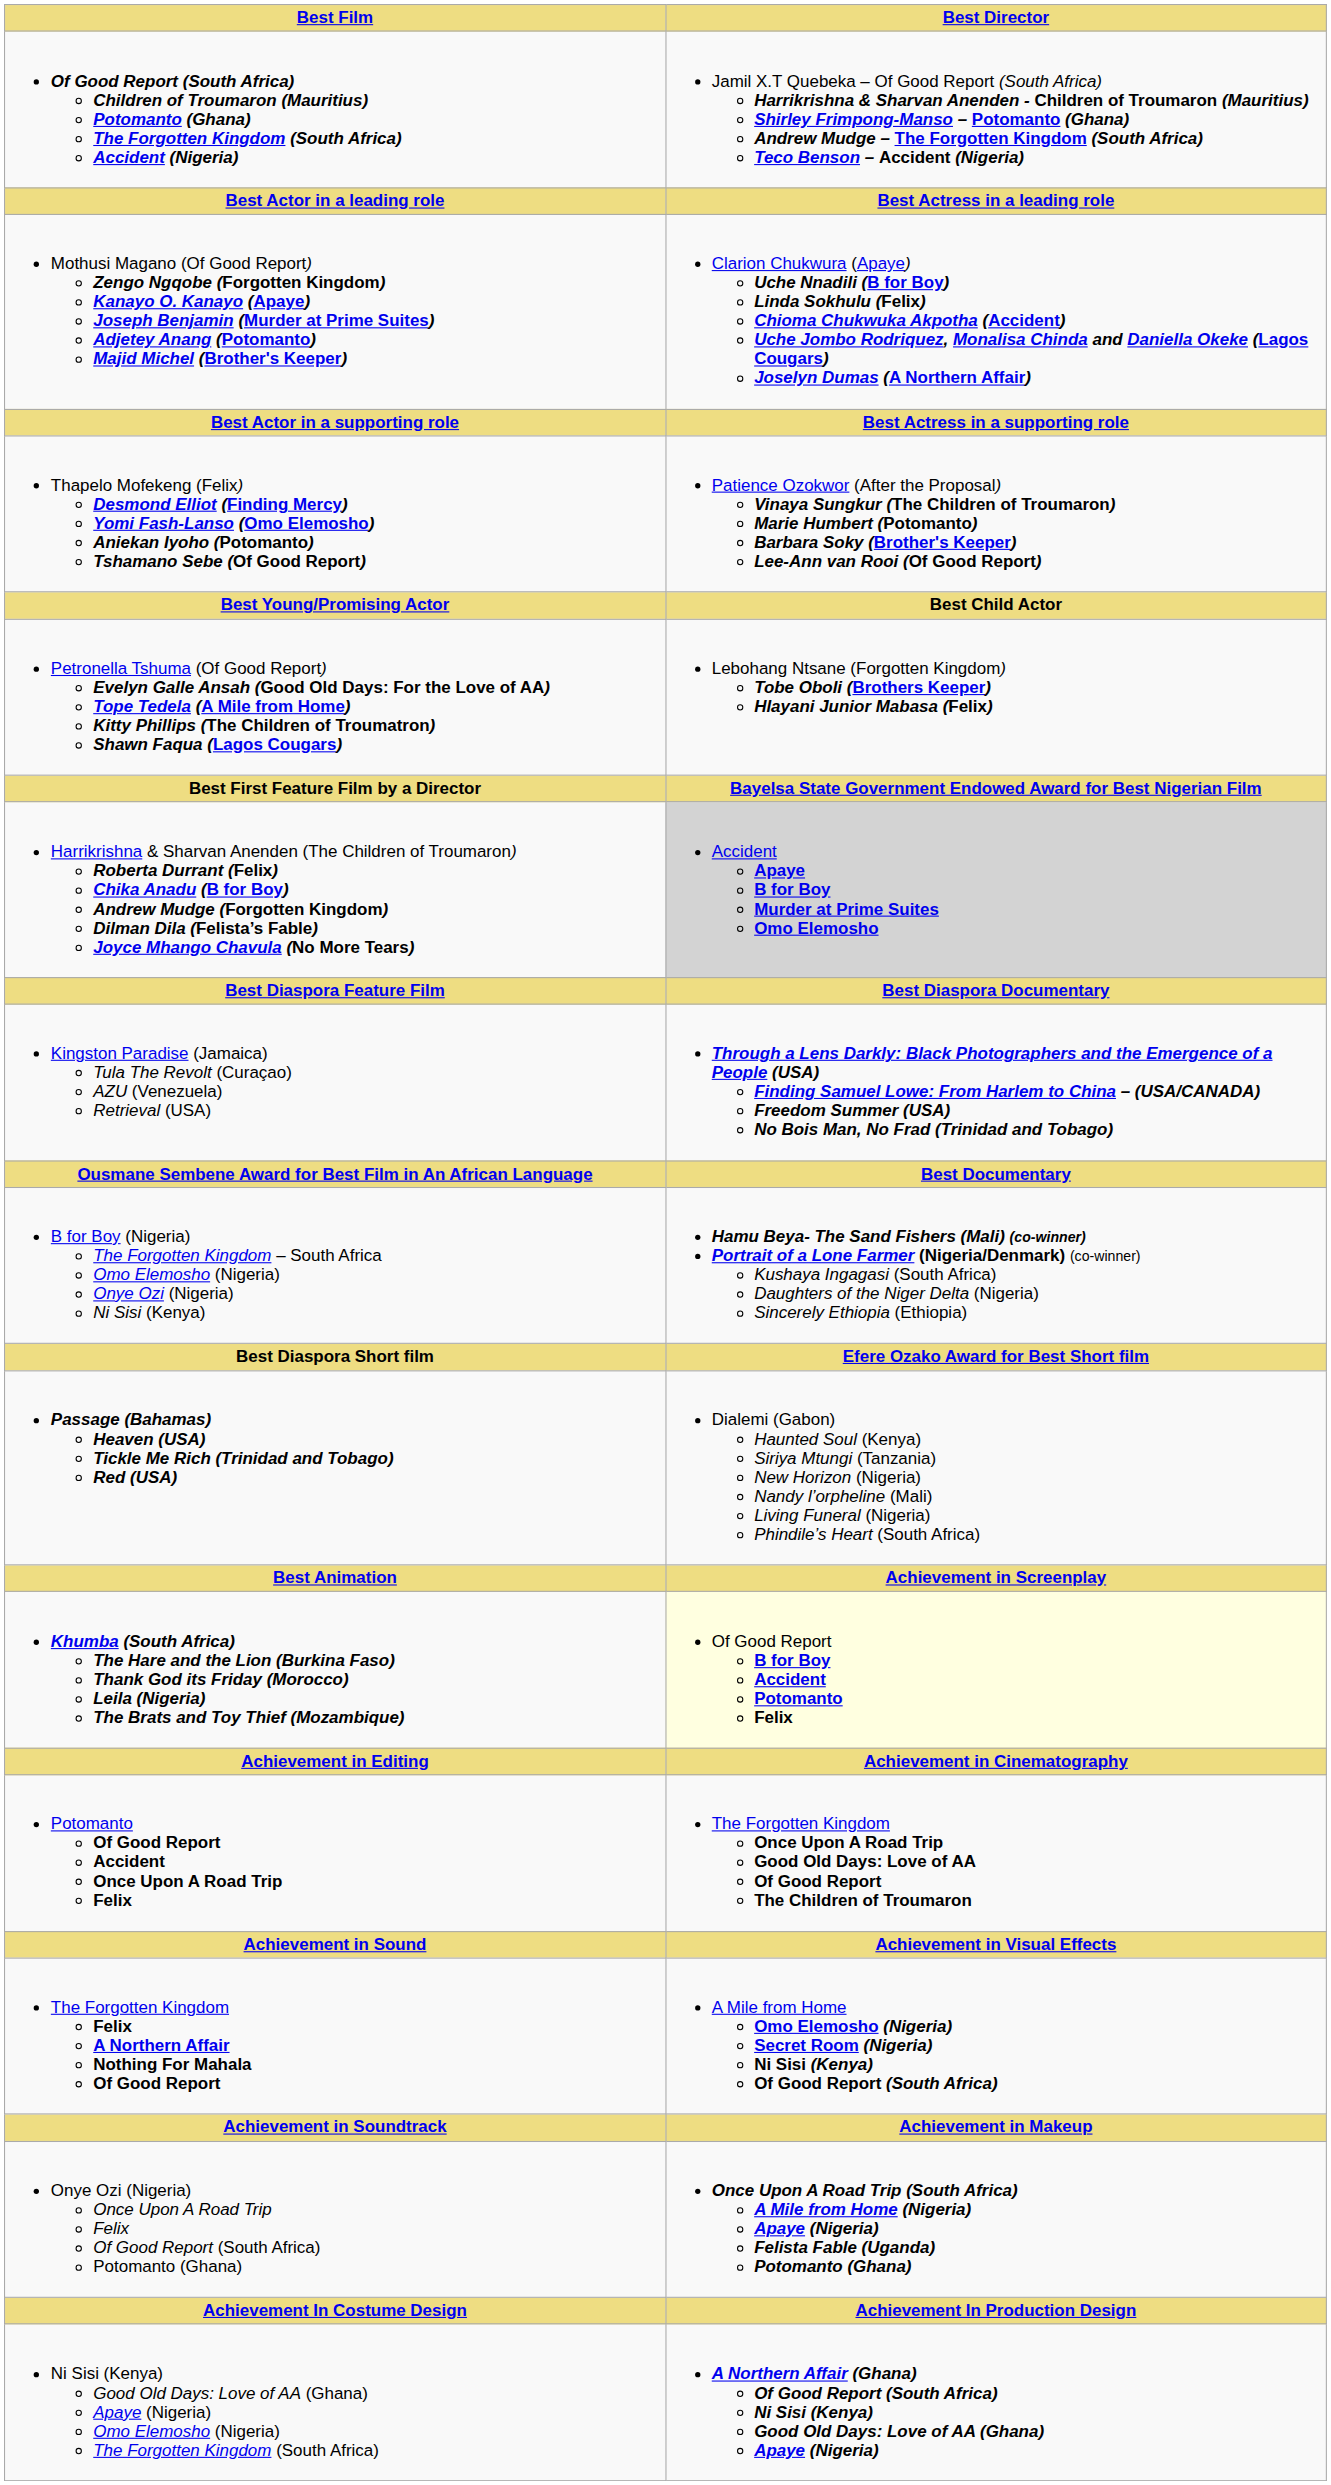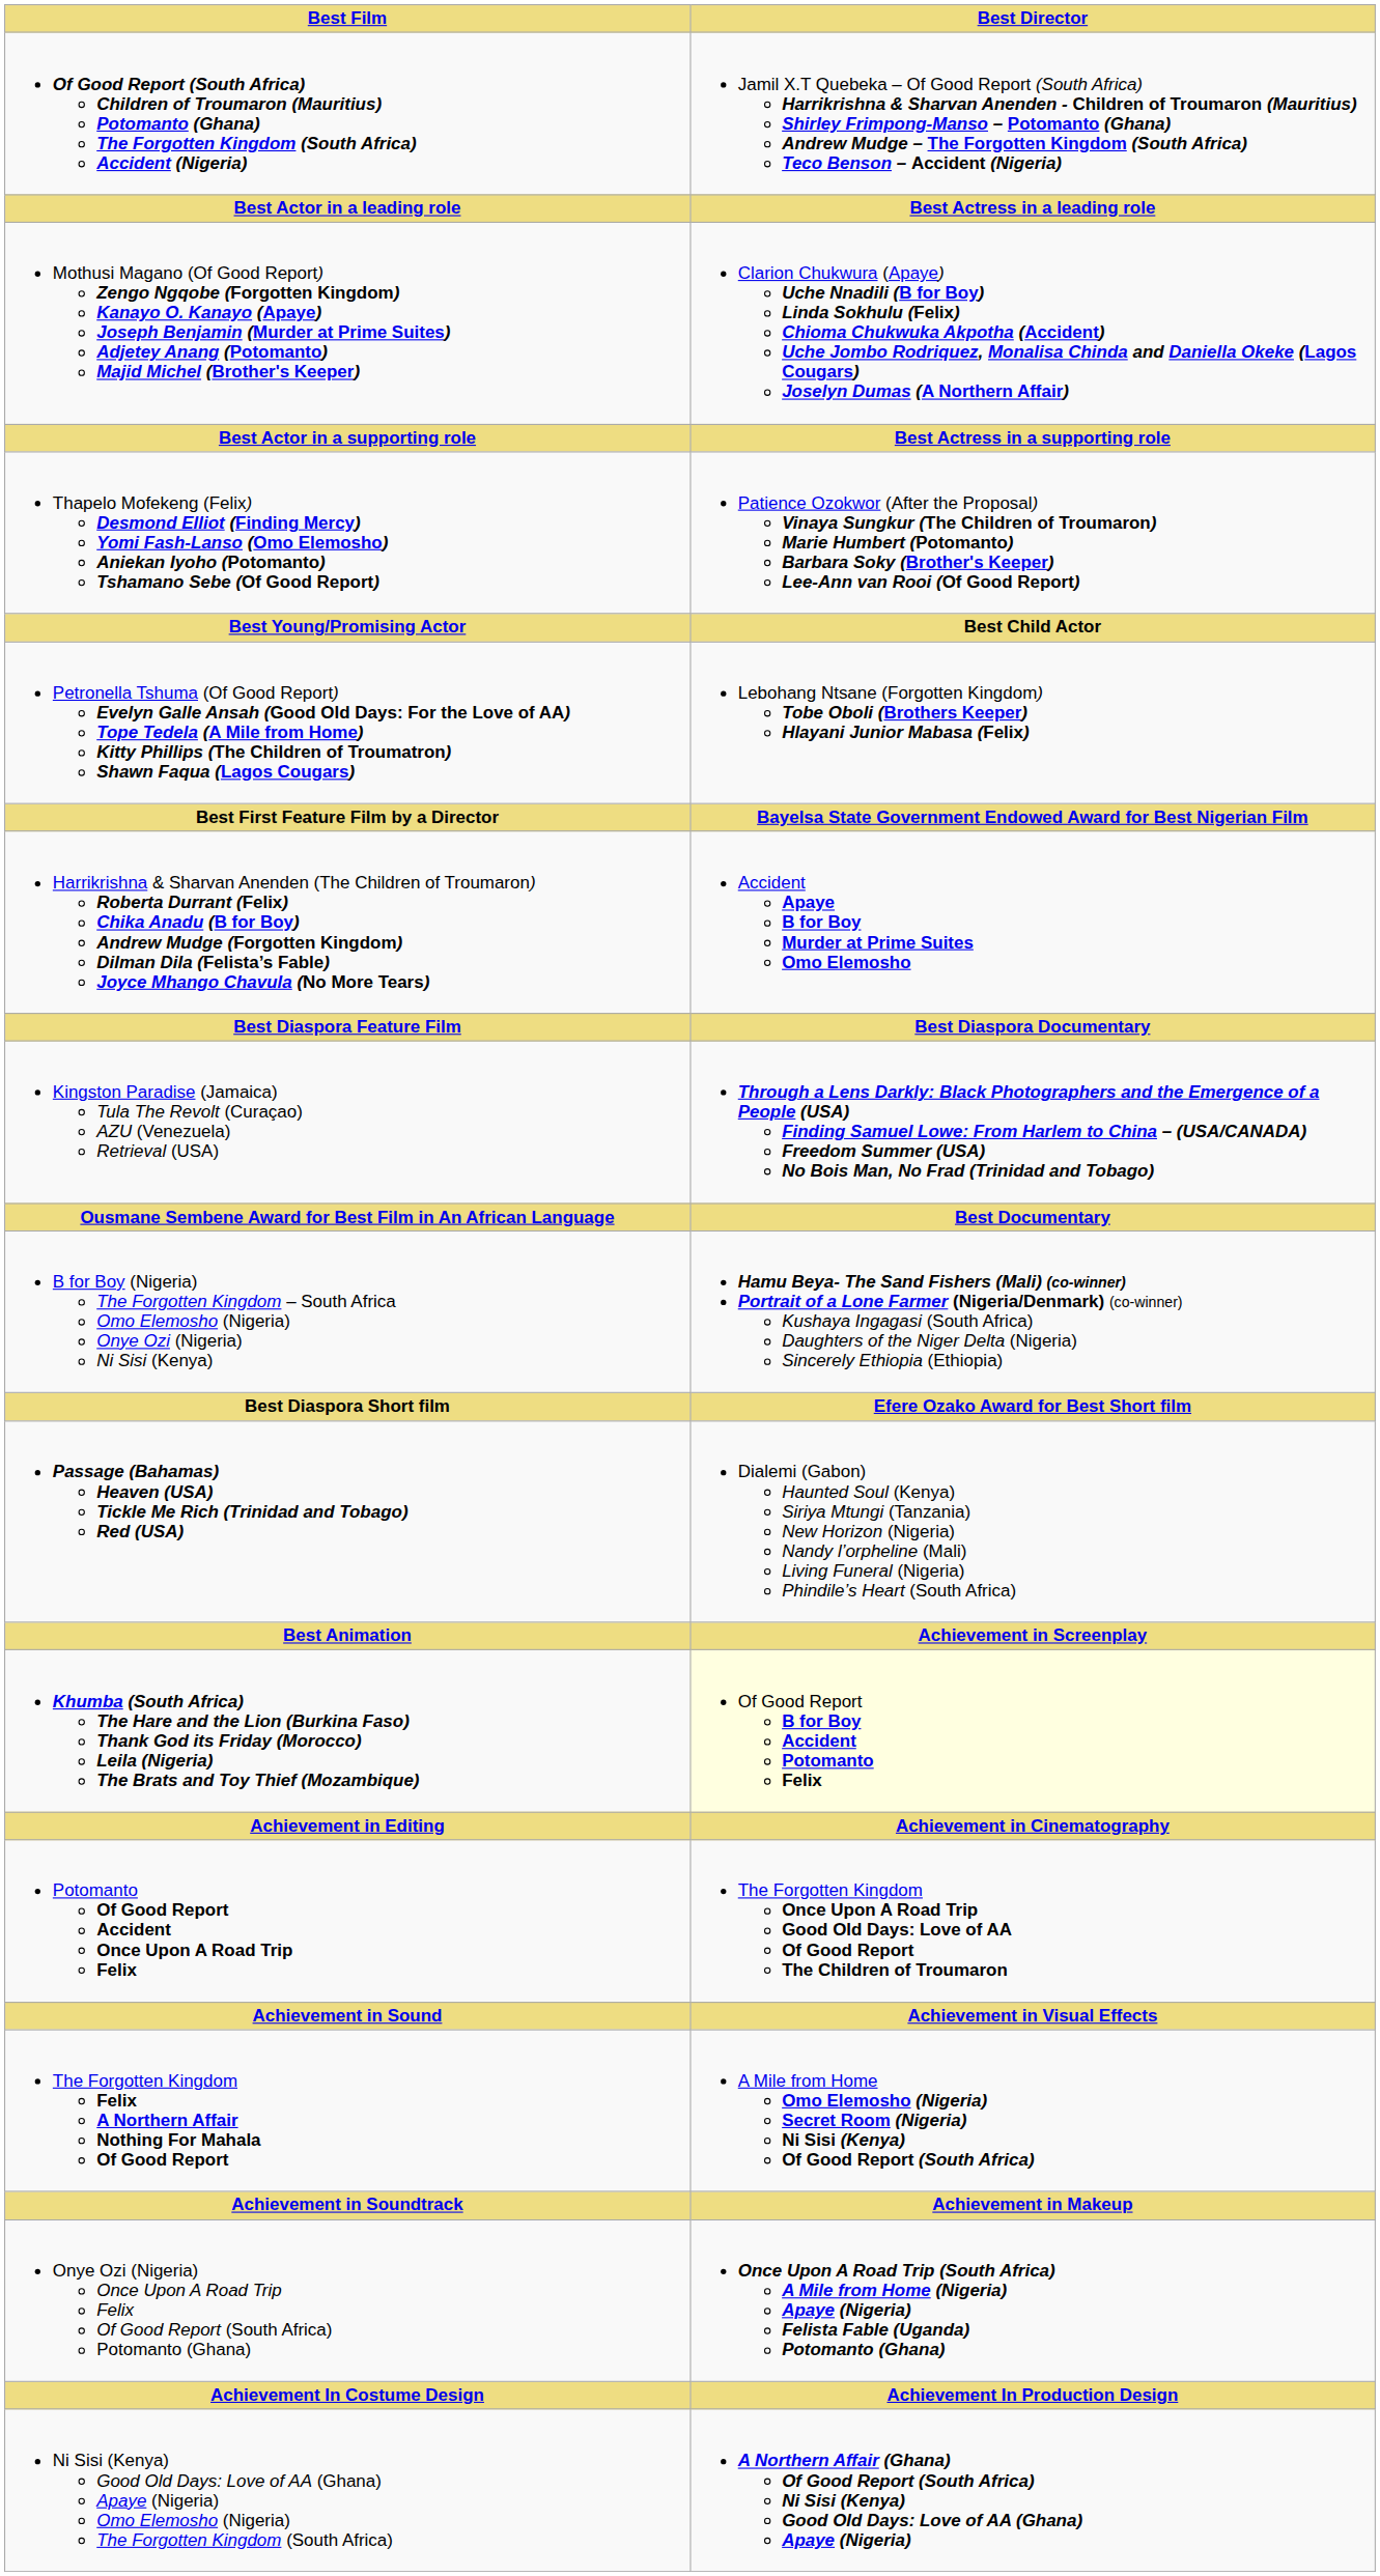 <table class="wikitable">
 <tr>
 <th style="background:#EEDD82; width:50%"><a href='#'>Best Film</a></th>
 <th style="background:#EEDD82; width:50%"><a href='#'>Best Director</a></th>
 </tr>
 <tr>
 <td valign="top"><br><ul><li><strong><em>Of Good Report<em> (South Africa)<strong><ul><li></em>Children of Troumaron<em> (Mauritius)</li><li></em><a href='#'>Potomanto</a><em> (Ghana)</li><li></em><a href='#'>The Forgotten Kingdom</a><em> (South Africa)</li><li></em><a href='#'>Accident</a><em> (Nigeria)</li></ul></li></ul></td>
 <td valign="top"><br><ul><li></strong>Jamil X.T Quebeka – </em>Of Good Report<em> (South Africa)<strong><ul><li>Harrikrishna & Sharvan Anenden - </em>Children of Troumaron<em> (Mauritius)</li><li><a href='#'>Shirley Frimpong-Manso</a> – </em><a href='#'>Potomanto</a><em> (Ghana)</li><li>Andrew Mudge – </em><a href='#'>The Forgotten Kingdom</a><em> (South Africa)</li><li><a href='#'>Teco Benson</a> – </em>Accident<em> (Nigeria)</li></ul></li></ul></td>
 </tr>
 <tr>
 <th style="background:#EEDD82; width:50%"><a href='#'>Best Actor in a leading role</a></th>
 <th style="background:#EEDD82; width:50%"><a href='#'>Best Actress in a leading role</a></th>
 </tr>
 <tr>
 <td valign="top"><br><ul><li></strong>Mothusi Magano (</em>Of Good Report<em>)<strong><ul><li>Zengo Ngqobe (</em>Forgotten Kingdom<em>)</li><li><a href='#'>Kanayo O. Kanayo</a> (</em><a href='#'>Apaye</a><em>)</li><li><a href='#'>Joseph Benjamin</a> (</em><a href='#'>Murder at Prime Suites</a><em>)</li><li><a href='#'>Adjetey Anang</a> (</em><a href='#'>Potomanto</a><em>)</li><li><a href='#'>Majid Michel</a> (</em><a href='#'>Brother's Keeper</a><em>)</li></ul></li></ul></td>
 <td valign="top"><br><ul><li></strong><a href='#'>Clarion Chukwura</a> (</em><a href='#'>Apaye</a><em>)<strong><ul><li>Uche Nnadili (</em><a href='#'>B for Boy</a><em>)</li><li>Linda Sokhulu (</em>Felix<em>)</li><li><a href='#'>Chioma Chukwuka Akpotha</a> (</em><a href='#'>Accident</a><em>)</li><li><a href='#'>Uche Jombo Rodriquez</a>, <a href='#'>Monalisa Chinda</a> and <a href='#'>Daniella Okeke</a> (</em><a href='#'>Lagos Cougars</a><em>)</li><li><a href='#'>Joselyn Dumas</a> (</em><a href='#'>A Northern Affair</a><em>)</li></ul></li></ul></td>
 </tr>
 <tr>
 <th style="background:#EEDD82; width:50%"><a href='#'>Best Actor in a supporting role</a></th>
 <th style="background:#EEDD82; width:50%"><a href='#'>Best Actress in a supporting role</a></th>
 </tr>
 <tr>
 <td valign="top"><br><ul><li></strong>Thapelo Mofekeng (</em>Felix<em>)<strong><ul><li><a href='#'>Desmond Elliot</a> (</em><a href='#'>Finding Mercy</a><em>)</li><li><a href='#'>Yomi Fash-Lanso</a> (</em><a href='#'>Omo Elemosho</a><em>)</li><li>Aniekan Iyoho (</em>Potomanto<em>)</li><li>Tshamano Sebe (</em>Of Good Report<em>)</li></ul></li></ul></td>
 <td valign="top"><br><ul><li></strong><a href='#'>Patience Ozokwor</a> (</em>After the Proposal<em>)<strong><ul><li>Vinaya Sungkur (</em>The Children of Troumaron<em>)</li><li>Marie Humbert (</em>Potomanto<em>)</li><li>Barbara Soky (</em><a href='#'>Brother's Keeper</a><em>)</li><li>Lee-Ann van Rooi (</em>Of Good Report<em>)</li></ul></li></ul></td>
 </tr>
 <tr>
 <th style="background:#EEDD82; width:50%"><a href='#'>Best Young/Promising Actor</a></th>
 <th style="background:#EEDD82; width:50%">Best Child Actor</th>
 </tr>
 <tr>
 <td valign="top"><br><ul><li></strong><a href='#'>Petronella Tshuma</a> (</em>Of Good Report<em>)<strong><ul><li>Evelyn Galle Ansah (</em>Good Old Days: For the Love of AA<em>)</li><li><a href='#'>Tope Tedela</a> (</em><a href='#'>A Mile from Home</a><em>)</li><li>Kitty Phillips (</em>The Children of Troumatron<em>)</li><li>Shawn Faqua (</em><a href='#'>Lagos Cougars</a><em>)</li></ul></li></ul></td>
 <td valign="top"><br><ul><li></strong>Lebohang Ntsane (</em>Forgotten Kingdom<em>)<strong><ul><li>Tobe Oboli (</em><a href='#'>Brothers Keeper</a><em>)</li><li>Hlayani Junior Mabasa (</em>Felix<em>)</li></ul></li></ul></td>
 </tr>
 <tr>
 <th style="background:#EEDD82; width:50%">Best First Feature Film by a Director</th>
 <th style="background:#EEDD82; width:50%"><a href='#'>Bayelsa State Government Endowed Award for Best Nigerian Film</a></th>
 </tr>
 <tr>
 <td valign="top"><br><ul><li></strong><a href='#'>Harrikrishna</a> & Sharvan Anenden (</em>The Children of Troumaron<em>)<strong><ul><li>Roberta Durrant (</em>Felix<em>)</li><li><a href='#'>Chika Anadu</a> (</em><a href='#'>B for Boy</a><em>)</li><li>Andrew Mudge (</em>Forgotten Kingdom<em>)</li><li>Dilman Dila (</em>Felista’s Fable<em>)</li><li><a href='#'>Joyce Mhango Chavula</a> (</em>No More Tears<em>)</li></ul></li></ul></td>
-<td valign="top" style="background: lightgrey;"><br><ul><li></em></strong><a href='#'>Accident</a><strong><em><ul><li></em><a href='#'>Apaye</a><em></li><li></em><a href='#'>B for Boy</a><em></li><li></em><a href='#'>Murder at Prime Suites</a><em></li><li></em><a href='#'>Omo Elemosho</a><em></li></ul></li></ul></td>
+<td valign="top"><br><ul><li></em></strong><a href='#'>Accident</a><strong><em><ul><li></em><a href='#'>Apaye</a><em></li><li></em><a href='#'>B for Boy</a><em></li><li></em><a href='#'>Murder at Prime Suites</a><em></li><li></em><a href='#'>Omo Elemosho</a><em></li></ul></li></ul></td>
 </tr>
 <tr>
 <th style="background:#EEDD82; width:50%"><a href='#'>Best Diaspora Feature Film</a></th>
 <th style="background:#EEDD82; width:50%"><a href='#'>Best Diaspora Documentary</a></th>
 </tr>
 <tr>
 <td valign="top"><br><ul><li></em></strong><a href='#'>Kingston Paradise</a></em> (Jamaica)</strong><ul><li><em>Tula The Revolt</em> (Curaçao)</li><li><em>AZU</em> (Venezuela)</li><li><em>Retrieval</em> (USA)</li></ul></li></ul></td>
 <td valign="top"><br><ul><li><strong><em><a href='#'>Through a Lens Darkly: Black Photographers and the Emergence of a People</a><em> (USA)<strong><ul><li></em><a href='#'>Finding Samuel Lowe: From Harlem to China</a><em> – (USA/CANADA)</li><li></em>Freedom Summer<em> (USA)</li><li></em>No Bois Man, No Frad<em> (Trinidad and Tobago)</li></ul></li></ul></td>
 </tr>
 <tr>
 <th style="background:#EEDD82; width:50%"><a href='#'>Ousmane Sembene Award for Best Film in An African Language</a></th>
 <th style="background:#EEDD82; width:50%"><a href='#'>Best Documentary</a></th>
 </tr>
 <tr>
 <td valign="top"><br><ul><li></em></strong><a href='#'>B for Boy</a></em> (Nigeria)</strong><ul><li><em><a href='#'>The Forgotten Kingdom</a></em> – South Africa</li><li><em><a href='#'>Omo Elemosho</a></em> (Nigeria)</li><li><em><a href='#'>Onye Ozi</a></em> (Nigeria)</li><li><em>Ni Sisi</em> (Kenya)</li></ul></li></ul></td>
 <td valign="top"><br><ul><li><strong><em>Hamu Beya- The Sand Fishers<em> (Mali)<strong> <small> (co-winner)</small></li><li></em></strong><a href='#'>Portrait of a Lone Farmer</a></em> (Nigeria/Denmark)</strong> <small> (co-winner)</small><ul><li><em>Kushaya Ingagasi</em> (South Africa)</li><li><em>Daughters of the Niger Delta</em> (Nigeria)</li><li><em>Sincerely Ethiopia</em> (Ethiopia)</li></ul></li></ul></td>
 </tr>
 <tr>
 <th style="background:#EEDD82; width:50%">Best Diaspora Short film</th>
 <th style="background:#EEDD82; width:50%"><a href='#'>Efere Ozako Award for Best Short film</a></th>
 </tr>
 <tr>
 <td valign="top"><br><ul><li><strong><em>Passage<em> (Bahamas)<strong><ul><li></em>Heaven<em> (USA)</li><li></em>Tickle Me Rich<em> (Trinidad and Tobago)</li><li></em>Red<em> (USA)</li></ul></li></ul></td>
 <td valign="top"><br><ul><li></em></strong>Dialemi</em> (Gabon)</strong><ul><li><em>Haunted Soul</em> (Kenya)</li><li><em>Siriya Mtungi</em> (Tanzania)</li><li><em>New Horizon</em> (Nigeria)</li><li><em>Nandy l’orpheline</em> (Mali)</li><li><em>Living Funeral</em> (Nigeria)</li><li><em>Phindile’s Heart</em> (South Africa)</li></ul></li></ul></td>
 </tr>
 <tr>
 <th style="background:#EEDD82; width:50%"><a href='#'>Best Animation</a></th>
 <th style="background:#EEDD82; width:50%"><a href='#'>Achievement in Screenplay</a></th>
 </tr>
 <tr>
 <td valign="top"><br><ul><li><strong><em><a href='#'>Khumba</a><em> (South Africa)<strong><ul><li></em>The Hare and the Lion<em> (Burkina Faso)</li><li></em>Thank God its Friday<em> (Morocco)</li><li></em>Leila<em> (Nigeria)</li><li></em>The Brats and Toy Thief<em> (Mozambique)</li></ul></li></ul></td>
 <td valign="top" style="background: lightyellow;"><br><ul><li></em></strong>Of Good Report<strong><em><ul><li></em><a href='#'>B for Boy</a><em></li><li></em><a href='#'>Accident</a><em></li><li></em><a href='#'>Potomanto</a><em></li><li></em>Felix<em></li></ul></li></ul></td>
 </tr>
 <tr>
 <th style="background:#EEDD82; width:50%"><a href='#'>Achievement in Editing</a></th>
 <th style="background:#EEDD82; width:50%"><a href='#'>Achievement in Cinematography</a></th>
 </tr>
 <tr>
 <td valign="top"><br><ul><li></em></strong><a href='#'>Potomanto</a><strong><em><ul><li></em>Of Good Report<em></li><li></em>Accident<em></li><li></em>Once Upon A Road Trip<em></li><li></em>Felix<em></li></ul></li></ul></td>
 <td valign="top"><br><ul><li></em></strong><a href='#'>The Forgotten Kingdom</a><strong><em><ul><li></em>Once Upon A Road Trip<em></li><li></em>Good Old Days: Love of AA<em></li><li></em>Of Good Report<em></li><li></em>The Children of Troumaron<em></li></ul></li></ul></td>
 </tr>
 <tr>
 <th style="background:#EEDD82; width:50%"><a href='#'>Achievement in Sound</a></th>
 <th style="background:#EEDD82; width:50%"><a href='#'>Achievement in Visual Effects</a></th>
 </tr>
 <tr>
 <td valign="top"><br><ul><li></em></strong><a href='#'>The Forgotten Kingdom</a><strong><em><ul><li></em>Felix<em></li><li></em><a href='#'>A Northern Affair</a><em></li><li></em>Nothing For Mahala<em></li><li></em>Of Good Report<em></li></ul></li></ul></td>
 <td valign="top"><br><ul><li></em></strong><a href='#'>A Mile from Home</a><strong><em><ul><li></em><a href='#'>Omo Elemosho</a><em> (Nigeria)</li><li></em><a href='#'>Secret Room</a><em> (Nigeria)</li><li></em>Ni Sisi<em> (Kenya)</li><li></em>Of Good Report<em> (South Africa)</li></ul></li></ul></td>
 </tr>
 <tr>
 <th style="background:#EEDD82; width:50%"><a href='#'>Achievement in Soundtrack</a></th>
 <th style="background:#EEDD82; width:50%"><a href='#'>Achievement in Makeup</a></th>
 </tr>
 <tr>
 <td valign="top"><br><ul><li></em></strong>Onye Ozi</em> (Nigeria)</strong><ul><li><em>Once Upon A Road Trip</em></li><li><em>Felix</em></li><li><em>Of Good Report</em> (South Africa)</li><li>Potomanto (Ghana)</li></ul></li></ul></td>
 <td valign="top"><br><ul><li><strong><em>Once Upon A Road Trip<em> (South Africa)<strong><ul><li></em><a href='#'>A Mile from Home</a><em> (Nigeria)</li><li></em><a href='#'>Apaye</a><em> (Nigeria)</li><li></em>Felista Fable<em> (Uganda)</li><li></em>Potomanto<em> (Ghana)</li></ul></li></ul></td>
 </tr>
 <tr>
 <th style="background:#EEDD82; width:50%"><a href='#'>Achievement In Costume Design</a></th>
 <th style="background:#EEDD82; width:50%"><a href='#'>Achievement In Production Design</a></th>
 </tr>
 <tr>
 <td valign="top"><br><ul><li></em></strong>Ni Sisi</em> (Kenya)</strong><ul><li><em>Good Old Days: Love of AA</em> (Ghana)</li><li><em><a href='#'>Apaye</a></em> (Nigeria)</li><li><em><a href='#'>Omo Elemosho</a></em> (Nigeria)</li><li><em><a href='#'>The Forgotten Kingdom</a></em> (South Africa)</li></ul></li></ul></td>
 <td valign="top"><br><ul><li><strong><em><a href='#'>A Northern Affair</a><em> (Ghana)<strong><ul><li></em>Of Good Report<em> (South Africa)</li><li></em>Ni Sisi<em> (Kenya)</li><li></em>Good Old Days: Love of AA<em> (Ghana)</li><li></em><a href='#'>Apaye</a><em> (Nigeria)</li></ul></li></ul></td>
 </tr>
 </table>
